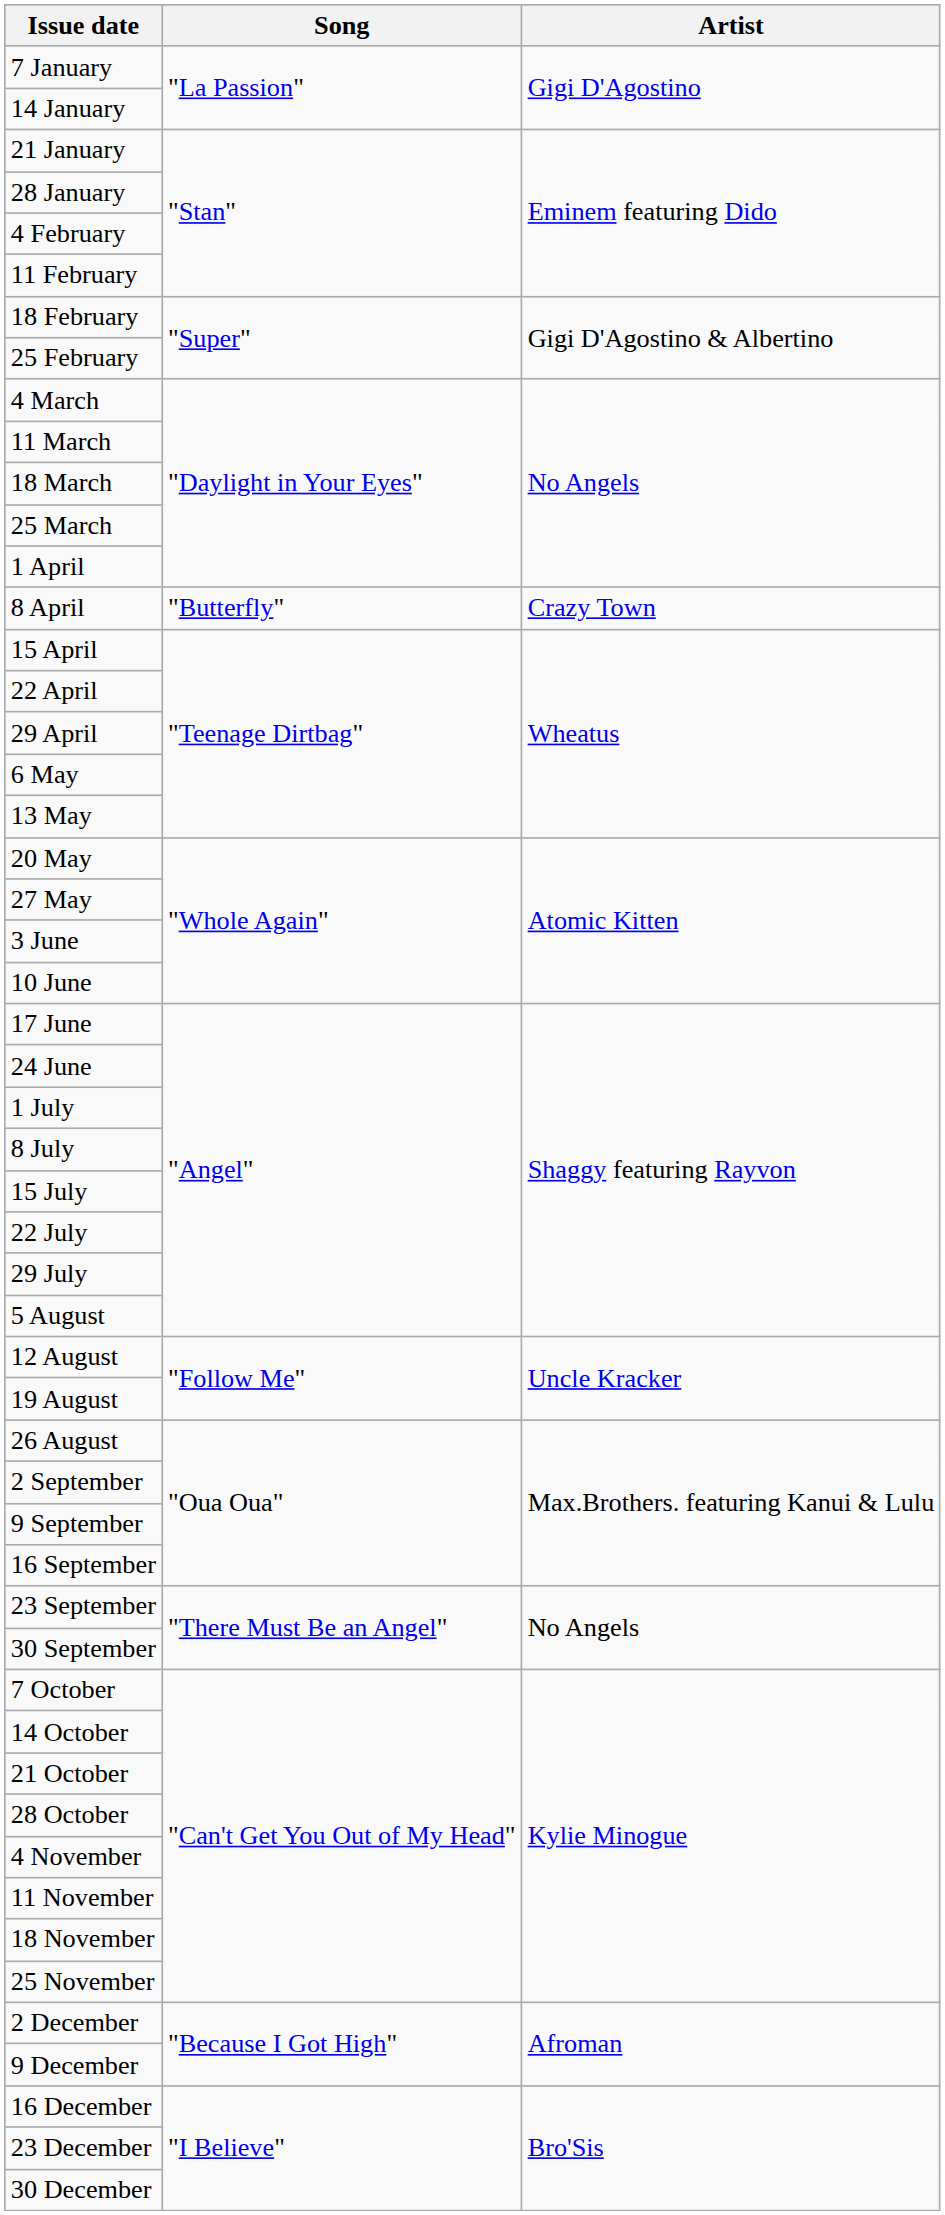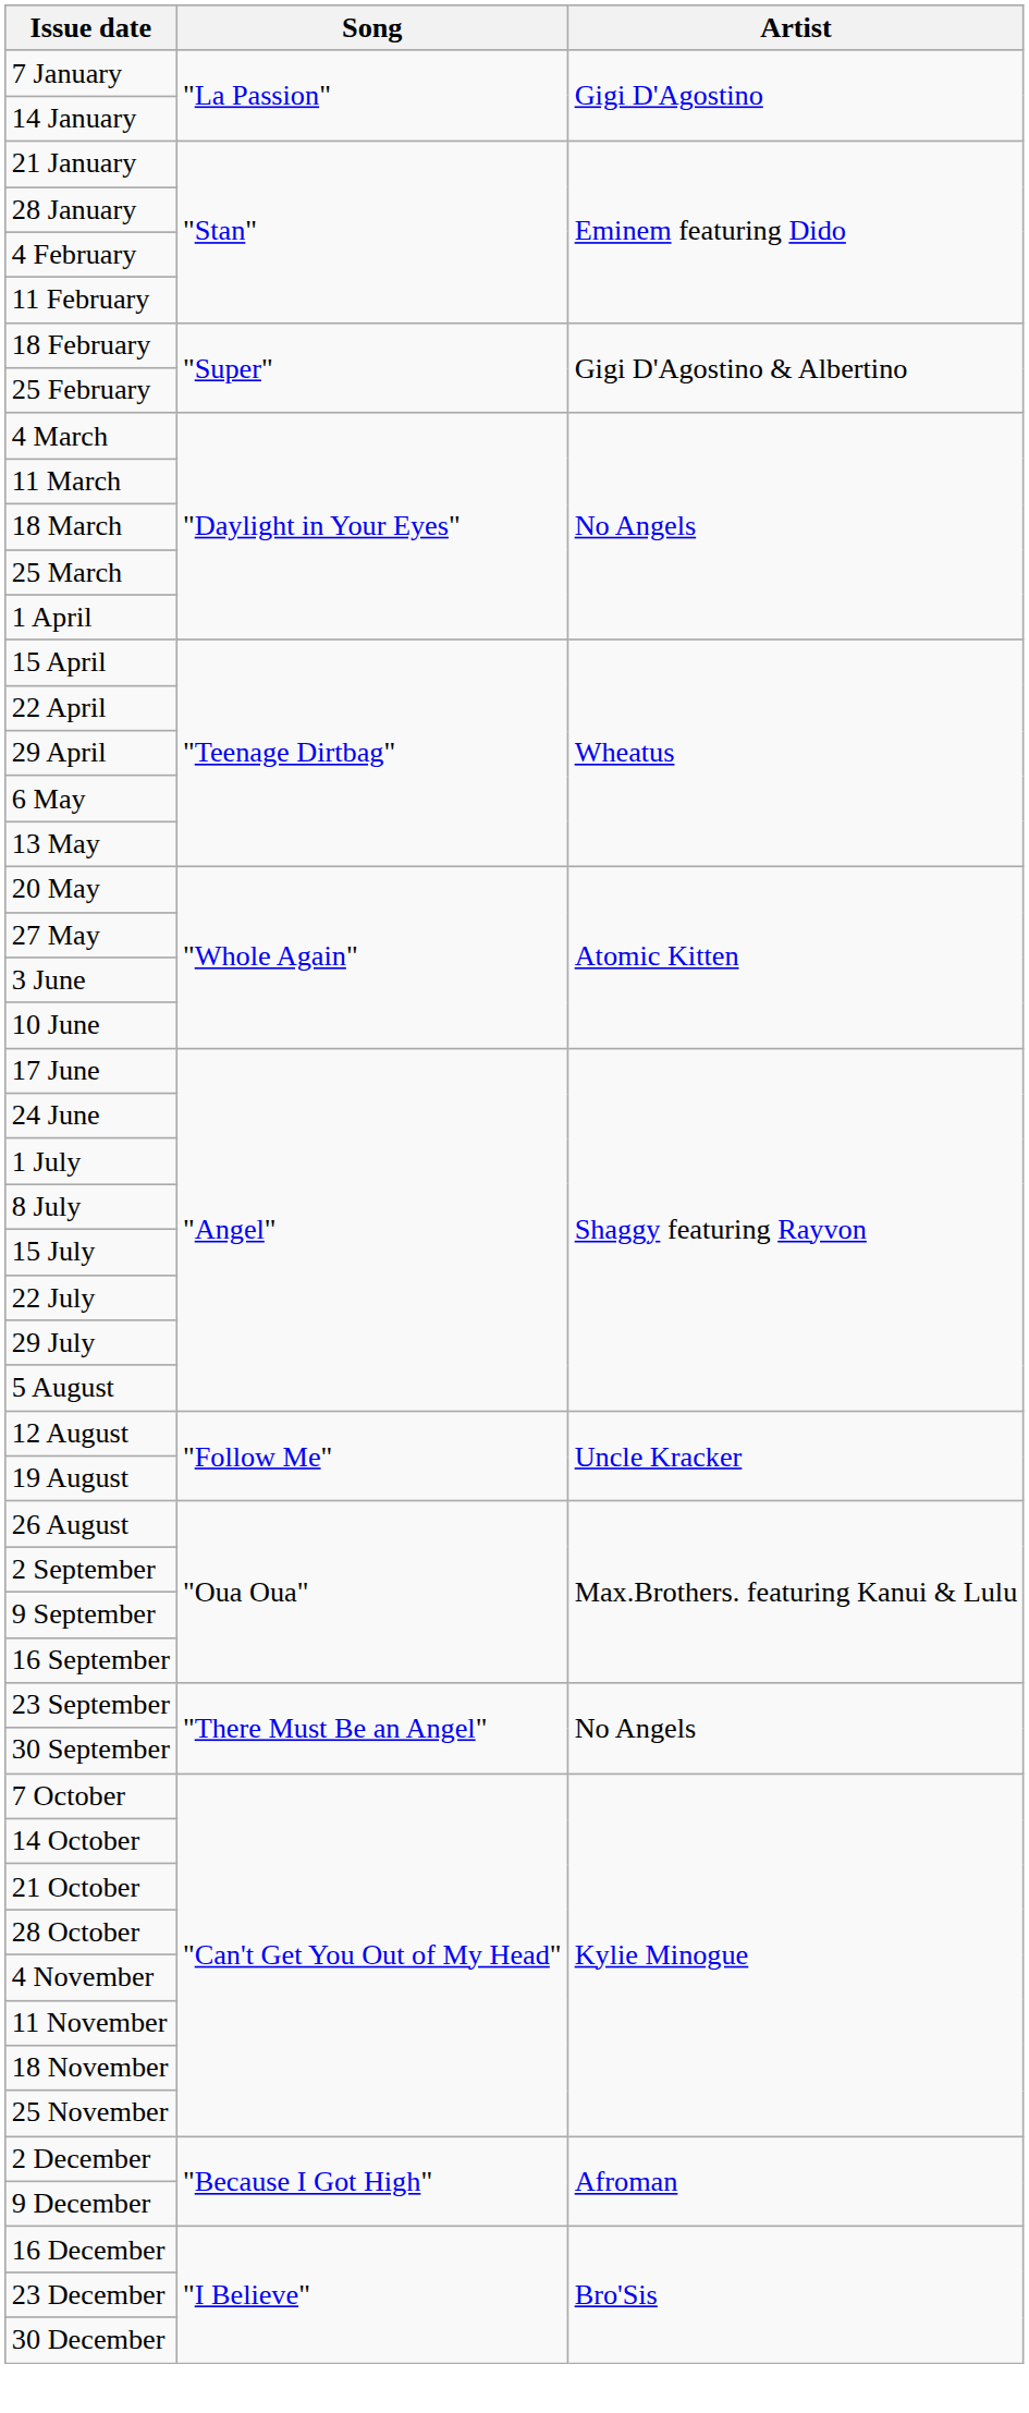 <table class=wikitable>
 <tr>
 <th>Issue date</th>
 <th>Song</th>
 <th>Artist</th>
 </tr>
 <tr>
 <td>7 January</td>
 <td rowspan=2>"<a href='#'>La Passion</a>"</td>
 <td rowspan=2><a href='#'>Gigi D'Agostino</a></td>
 </tr>
 <tr>
 <td>14 January</td>
 </tr>
 <tr>
 <td>21 January</td>
 <td rowspan=4>"<a href='#'>Stan</a>"</td>
 <td rowspan=4><a href='#'>Eminem</a> featuring <a href='#'>Dido</a></td>
 </tr>
 <tr>
 <td>28 January</td>
 </tr>
 <tr>
 <td>4 February</td>
 </tr>
 <tr>
 <td>11 February</td>
 </tr>
 <tr>
 <td>18 February</td>
 <td rowspan=2>"<a href='#'>Super</a>"</td>
 <td rowspan=2>Gigi D'Agostino & Albertino</td>
 </tr>
 <tr>
 <td>25 February</td>
 </tr>
 <tr>
 <td>4 March</td>
 <td rowspan=5>"<a href='#'>Daylight in Your Eyes</a>"</td>
 <td rowspan=5><a href='#'>No Angels</a></td>
 </tr>
 <tr>
 <td>11 March</td>
 </tr>
 <tr>
 <td>18 March</td>
 </tr>
 <tr>
 <td>25 March</td>
 </tr>
 <tr>
 <td>1 April</td>
-</tr>
-<tr>
-<td>8 April</td>
-<td>"<a href='#'>Butterfly</a>"</td>
-<td><a href='#'>Crazy Town</a></td>
 </tr>
 <tr>
 <td>15 April</td>
 <td rowspan=5>"<a href='#'>Teenage Dirtbag</a>"</td>
 <td rowspan=5><a href='#'>Wheatus</a></td>
 </tr>
 <tr>
 <td>22 April</td>
 </tr>
 <tr>
 <td>29 April</td>
 </tr>
 <tr>
 <td>6 May</td>
 </tr>
 <tr>
 <td>13 May</td>
 </tr>
 <tr>
 <td>20 May</td>
 <td rowspan=4>"<a href='#'>Whole Again</a>"</td>
 <td rowspan=4><a href='#'>Atomic Kitten</a></td>
 </tr>
 <tr>
 <td>27 May</td>
 </tr>
 <tr>
 <td>3 June</td>
 </tr>
 <tr>
 <td>10 June</td>
 </tr>
 <tr>
 <td>17 June</td>
 <td rowspan=8>"<a href='#'>Angel</a>"</td>
 <td rowspan=8><a href='#'>Shaggy</a> featuring <a href='#'>Rayvon</a></td>
 </tr>
 <tr>
 <td>24 June</td>
 </tr>
 <tr>
 <td>1 July</td>
 </tr>
 <tr>
 <td>8 July</td>
 </tr>
 <tr>
 <td>15 July</td>
 </tr>
 <tr>
 <td>22 July</td>
 </tr>
 <tr>
 <td>29 July</td>
 </tr>
 <tr>
 <td>5 August</td>
 </tr>
 <tr>
 <td>12 August</td>
 <td rowspan=2>"<a href='#'>Follow Me</a>"</td>
 <td rowspan=2><a href='#'>Uncle Kracker</a></td>
 </tr>
 <tr>
 <td>19 August</td>
 </tr>
 <tr>
 <td>26 August</td>
 <td rowspan=4>"Oua Oua"</td>
 <td rowspan=4>Max.Brothers. featuring Kanui & Lulu</td>
 </tr>
 <tr>
 <td>2 September</td>
 </tr>
 <tr>
 <td>9 September</td>
 </tr>
 <tr>
 <td>16 September</td>
 </tr>
 <tr>
 <td>23 September</td>
 <td rowspan=2>"<a href='#'>There Must Be an Angel</a>"</td>
 <td rowspan=2>No Angels</td>
 </tr>
 <tr>
 <td>30 September</td>
 </tr>
 <tr>
 <td>7 October</td>
 <td rowspan=8>"<a href='#'>Can't Get You Out of My Head</a>"</td>
 <td rowspan=8><a href='#'>Kylie Minogue</a></td>
 </tr>
 <tr>
 <td>14 October</td>
 </tr>
 <tr>
 <td>21 October</td>
 </tr>
 <tr>
 <td>28 October</td>
 </tr>
 <tr>
 <td>4 November</td>
 </tr>
 <tr>
 <td>11 November</td>
 </tr>
 <tr>
 <td>18 November</td>
 </tr>
 <tr>
 <td>25 November</td>
 </tr>
 <tr>
 <td>2 December</td>
 <td rowspan=2>"<a href='#'>Because I Got High</a>"</td>
 <td rowspan=2><a href='#'>Afroman</a></td>
 </tr>
 <tr>
 <td>9 December</td>
 </tr>
 <tr>
 <td>16 December</td>
 <td rowspan=3>"<a href='#'>I Believe</a>"</td>
 <td rowspan=3><a href='#'>Bro'Sis</a></td>
 </tr>
 <tr>
 <td>23 December</td>
 </tr>
 <tr>
 <td>30 December</td>
 </tr>
 </table>
